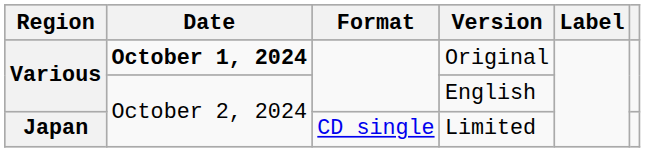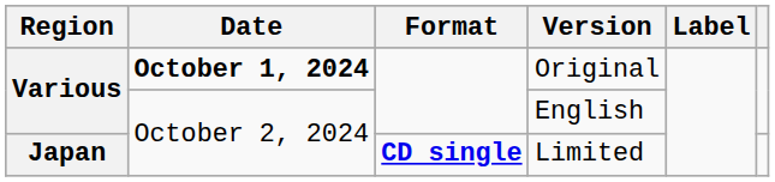 <table class="wikitable plainrowheaders">
 <tr>
 <th scope="col">Region</th>
 <th scope="col">Date</th>
 <th scope="col">Format</th>
 <th scope="col">Version</th>
 <th scope="col">Label</th>
 <th scope="col"></th>
 </tr>
 <tr>
 <th scope="row" rowspan="2">Various</th>
 <td><strong>October 1, 2024</strong></td>
 <td rowspan="2"></td>
 <td>Original</td>
 <td rowspan="3"></td>
 <td style="text-align:center" rowspan="2"></td>
 </tr>
 <tr>
 <td rowspan="2">October 2, 2024</td>
 <td>English</td>
 </tr>
 <tr>
 <th scope="row">Japan</th>
-<td><a href='#'>CD single</a></td>
+<td><strong><a href='#'>CD single</a></strong></td>
 <td>Limited</td>
 <td style="text-align:center"></td>
 </tr>
 </table>
